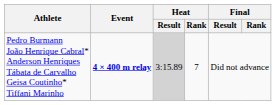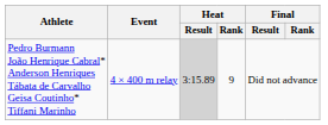 <table class="wikitable" style="font-size:90%">
 <tr>
 <th rowspan="2">Athlete</th>
 <th rowspan="2">Event</th>
 <th colspan="2">Heat</th>
 <th colspan="2">Final</th>
 </tr>
 <tr style="font-size:95%">
 <th>Result</th>
 <th>Rank</th>
 <th>Result</th>
 <th>Rank</th>
 </tr>
 <tr align=center>
 <td align=left><a href='#'>Pedro Burmann</a><br><a href='#'>João Henrique Cabral</a>*<br><a href='#'>Anderson Henriques</a><br><a href='#'>Tábata de Carvalho</a><br><a href='#'>Geisa Coutinho</a>*<br><a href='#'>Tiffani Marinho</a></td>
-<td align=left><strong><a href='#'>4 × 400 m relay</a></strong></td>
+<td align=left><a href='#'>4 × 400 m relay</a></td>
 <td style="background: lightgrey;">3:15.89</td>
-<td>7</td>
+<td>9</td>
 <td colspan=2>Did not advance</td>
 </tr>
 </table>
